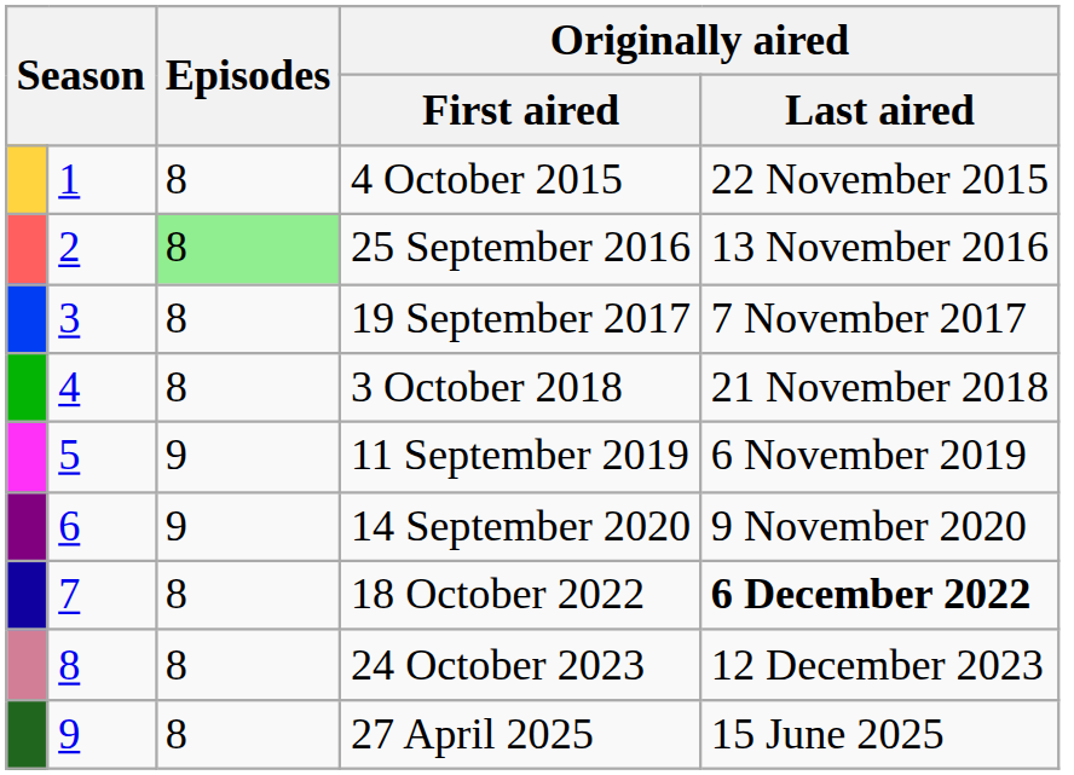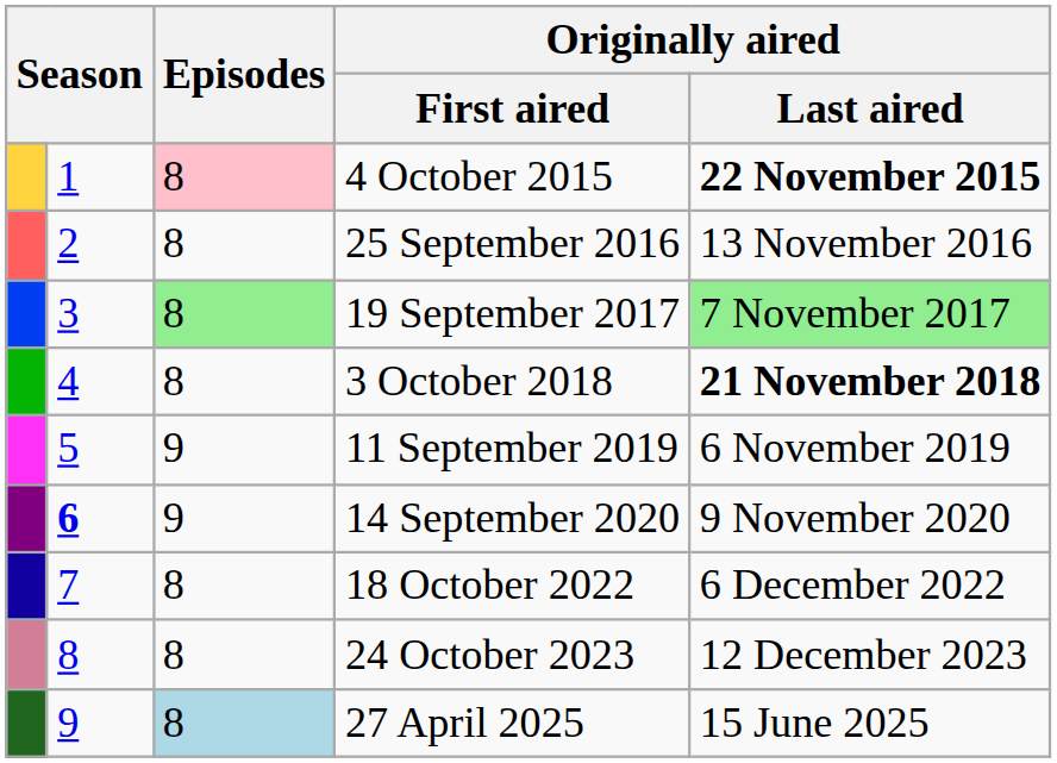 <table class="wikitable">
 <tr>
 <th rowspan="2" colspan="2">Season</th>
 <th rowspan="2">Episodes</th>
 <th colspan="2">Originally aired</th>
 </tr>
 <tr>
 <th>First aired</th>
 <th>Last aired</th>
 </tr>
 <tr>
 <td style="background-color:#FFD43F; width:8px;"></td>
 <td><a href='#'>1</a></td>
-<td>8</td>
+<td style="background: pink;">8</td>
 <td>4 October 2015</td>
-<td>22 November 2015</td>
+<td><strong>22 November 2015</strong></td>
 </tr>
 <tr>
 <td style="background-color:#FF5F5F; width:8px;"></td>
 <td><a href='#'>2</a></td>
-<td style="background: lightgreen;">8</td>
+<td>8</td>
 <td>25 September 2016</td>
 <td>13 November 2016</td>
 </tr>
 <tr>
 <td style="background-color:#003DF3; width:8px;"></td>
 <td><a href='#'>3</a></td>
-<td>8</td>
+<td style="background: lightgreen;">8</td>
 <td>19 September 2017</td>
-<td>7 November 2017</td>
+<td style="background: lightgreen;">7 November 2017</td>
 </tr>
 <tr>
 <td style="background-color:#04B404; width:8px;"></td>
 <td><a href='#'>4</a></td>
 <td>8</td>
 <td>3 October 2018</td>
-<td>21 November 2018</td>
+<td><strong>21 November 2018</strong></td>
 </tr>
 <tr>
 <td style="background-color:#FF31F9; width:8px;"></td>
 <td><a href='#'>5</a></td>
 <td>9</td>
 <td>11 September 2019</td>
 <td>6 November 2019</td>
 </tr>
 <tr>
 <td style="background-color:#800080; width:8px;"></td>
-<td><a href='#'>6</a></td>
+<td><strong><a href='#'>6</a></strong></td>
 <td>9</td>
 <td>14 September 2020</td>
 <td>9 November 2020</td>
 </tr>
 <tr>
 <td style="background-color:#1000A0; width:8px;"></td>
 <td><a href='#'>7</a></td>
 <td>8</td>
 <td>18 October 2022</td>
-<td><strong>6 December 2022</strong></td>
+<td>6 December 2022</td>
 </tr>
 <tr>
 <td style="background-color:#D27E96; width:8px;"></td>
 <td><a href='#'>8</a></td>
 <td>8</td>
 <td>24 October 2023</td>
 <td>12 December 2023</td>
 </tr>
 <tr>
 <td style="background-color:#21661F; width:8px;"></td>
 <td><a href='#'>9</a></td>
-<td>8</td>
+<td style="background: lightblue;">8</td>
 <td>27 April 2025</td>
 <td>15 June 2025</td>
 </tr>
 </table>
